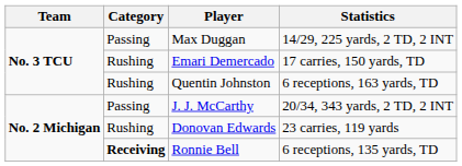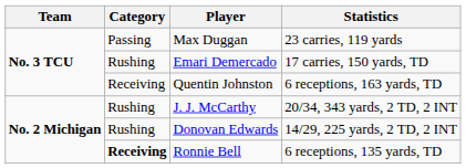 <table class="wikitable" style="float: right;">
 <tr>
 <th>Team</th>
 <th>Category</th>
 <th>Player</th>
 <th>Statistics</th>
 </tr>
 <tr>
 <td rowspan=3><strong>No. 3 TCU</strong></td>
 <td>Passing</td>
 <td>Max Duggan</td>
-<td>14/29, 225 yards, 2 TD, 2 INT</td>
+<td>23 carries, 119 yards</td>
 </tr>
 <tr>
 <td>Rushing</td>
 <td><a href='#'>Emari Demercado</a></td>
 <td>17 carries, 150 yards, TD</td>
 </tr>
 <tr>
-<td>Rushing</td>
+<td>Receiving</td>
 <td>Quentin Johnston</td>
 <td>6 receptions, 163 yards, TD</td>
 </tr>
 <tr>
 <td rowspan=3><strong>No. 2 Michigan</strong></td>
-<td>Passing</td>
+<td>Rushing</td>
 <td><a href='#'>J. J. McCarthy</a></td>
 <td>20/34, 343 yards, 2 TD, 2 INT</td>
 </tr>
 <tr>
 <td>Rushing</td>
 <td><a href='#'>Donovan Edwards</a></td>
-<td>23 carries, 119 yards</td>
+<td>14/29, 225 yards, 2 TD, 2 INT</td>
 </tr>
 <tr>
 <td><strong>Receiving</strong></td>
 <td><a href='#'>Ronnie Bell</a></td>
 <td>6 receptions, 135 yards, TD</td>
 </tr>
 </table>
